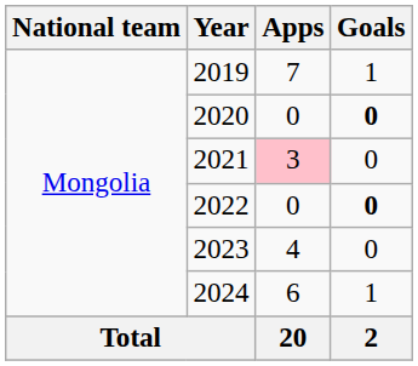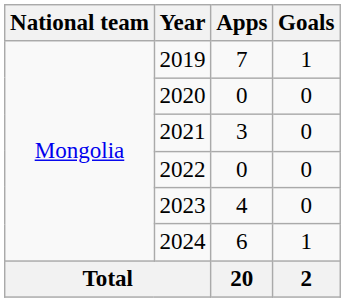 <table class="wikitable" style="text-align:center">
 <tr>
 <th>National team</th>
 <th>Year</th>
 <th>Apps</th>
 <th>Goals</th>
 </tr>
 <tr>
 <td rowspan="6"><a href='#'>Mongolia</a></td>
 <td>2019</td>
 <td>7</td>
 <td>1</td>
 </tr>
 <tr>
 <td>2020</td>
 <td>0</td>
-<td><strong>0</strong></td>
+<td>0</td>
 </tr>
 <tr>
 <td>2021</td>
-<td style="background: pink;">3</td>
+<td>3</td>
 <td>0</td>
 </tr>
 <tr>
 <td>2022</td>
 <td>0</td>
-<td><strong>0</strong></td>
+<td>0</td>
 </tr>
 <tr>
 <td>2023</td>
 <td>4</td>
 <td>0</td>
 </tr>
 <tr>
 <td>2024</td>
 <td>6</td>
 <td>1</td>
 </tr>
 <tr>
 <th colspan="2">Total</th>
 <th>20</th>
 <th>2</th>
 </tr>
 </table>
